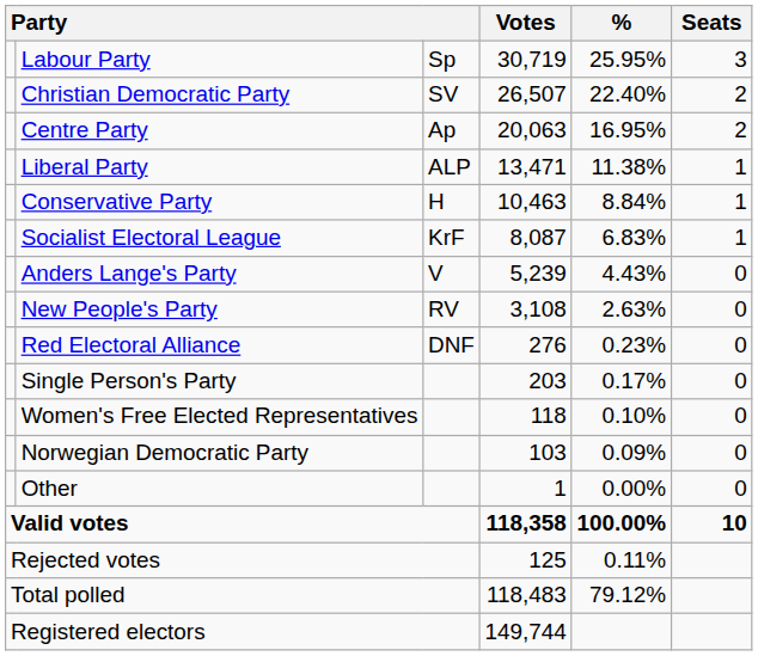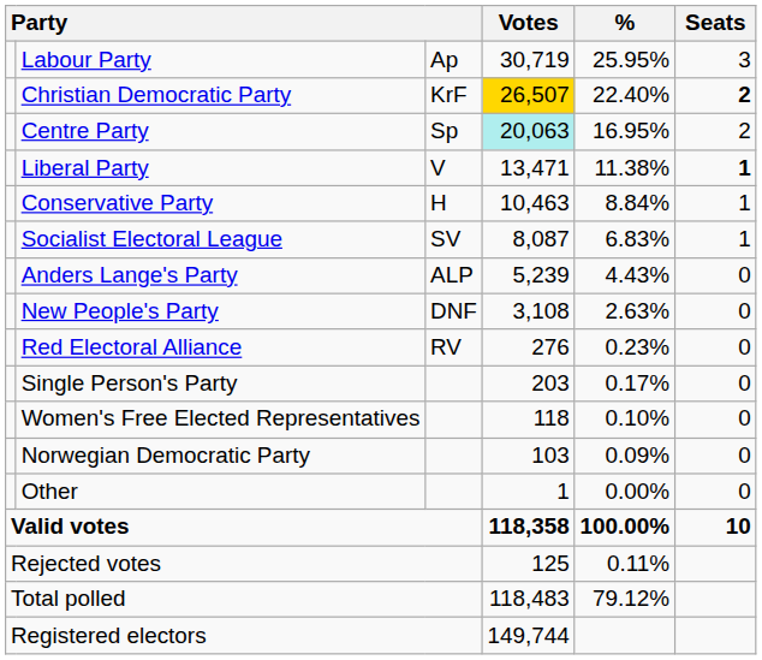 <table class="wikitable" border="1" style="text-align:right;">
 <tr>
 <th style="text-align:left;" colspan=3>Party</th>
 <th align=center width="50">Votes</th>
 <th align=center width="50">%</th>
 <th align=center width="50">Seats</th>
 </tr>
 <tr>
 <td style="color:inherit;background:"></td>
 <td align=left><a href='#'>Labour Party</a></td>
-<td align=left>Sp</td>
+<td align=left>Ap</td>
 <td>30,719</td>
 <td>25.95%</td>
 <td>3</td>
 </tr>
 <tr>
 <td style="color:inherit;background:"></td>
 <td align=left><a href='#'>Christian Democratic Party</a></td>
-<td align=left>SV</td>
-<td>26,507</td>
+<td align=left>KrF</td>
+<td style="background: gold;">26,507</td>
 <td>22.40%</td>
-<td>2</td>
+<td><strong>2</strong></td>
 </tr>
 <tr>
 <td style="color:inherit;background:"></td>
 <td align=left><a href='#'>Centre Party</a></td>
-<td align=left>Ap</td>
-<td>20,063</td>
+<td align=left>Sp</td>
+<td style="background: paleturquoise;">20,063</td>
 <td>16.95%</td>
 <td>2</td>
 </tr>
 <tr>
 <td style="color:inherit;background:"></td>
 <td align=left><a href='#'>Liberal Party</a></td>
-<td align=left>ALP</td>
+<td align=left>V</td>
 <td>13,471</td>
 <td>11.38%</td>
-<td>1</td>
+<td><strong>1</strong></td>
 </tr>
 <tr>
 <td style="color:inherit;background:"></td>
 <td align=left><a href='#'>Conservative Party</a></td>
 <td align=left>H</td>
 <td>10,463</td>
 <td>8.84%</td>
 <td>1</td>
 </tr>
 <tr>
 <td style="color:inherit;background:"></td>
 <td align=left><a href='#'>Socialist Electoral League</a></td>
-<td align=left>KrF</td>
+<td align=left>SV</td>
 <td>8,087</td>
 <td>6.83%</td>
 <td>1</td>
 </tr>
 <tr>
 <td style="color:inherit;background:"></td>
 <td align=left><a href='#'>Anders Lange's Party</a></td>
-<td align=left>V</td>
+<td align=left>ALP</td>
 <td>5,239</td>
 <td>4.43%</td>
 <td>0</td>
 </tr>
 <tr>
 <td style="color:inherit;background:"></td>
 <td align=left><a href='#'>New People's Party</a></td>
-<td align=left>RV</td>
+<td align=left>DNF</td>
 <td>3,108</td>
 <td>2.63%</td>
 <td>0</td>
 </tr>
 <tr>
 <td style="color:inherit;background:"></td>
 <td align=left><a href='#'>Red Electoral Alliance</a></td>
-<td align=left>DNF</td>
+<td align=left>RV</td>
 <td>276</td>
 <td>0.23%</td>
 <td>0</td>
 </tr>
 <tr>
 <td></td>
 <td align=left>Single Person's Party</td>
 <td align=left></td>
 <td>203</td>
 <td>0.17%</td>
 <td>0</td>
 </tr>
 <tr>
 <td></td>
 <td align=left>Women's Free Elected Representatives</td>
 <td align=left></td>
 <td>118</td>
 <td>0.10%</td>
 <td>0</td>
 </tr>
 <tr>
 <td></td>
 <td align=left>Norwegian Democratic Party</td>
 <td align=left></td>
 <td>103</td>
 <td>0.09%</td>
 <td>0</td>
 </tr>
 <tr>
 <td></td>
 <td align=left>Other</td>
 <td align=left></td>
 <td>1</td>
 <td>0.00%</td>
 <td>0</td>
 </tr>
 <tr style="font-weight:bold">
 <td align=left colspan=3>Valid votes</td>
 <td>118,358</td>
 <td>100.00%</td>
 <td>10</td>
 </tr>
 <tr>
 <td align=left colspan=3>Rejected votes</td>
 <td>125</td>
 <td>0.11%</td>
 <td></td>
 </tr>
 <tr>
 <td align=left colspan=3>Total polled</td>
 <td>118,483</td>
 <td>79.12%</td>
 <td></td>
 </tr>
 <tr>
 <td align=left colspan=3>Registered electors</td>
 <td>149,744</td>
 <td></td>
 <td></td>
 </tr>
 </table>
